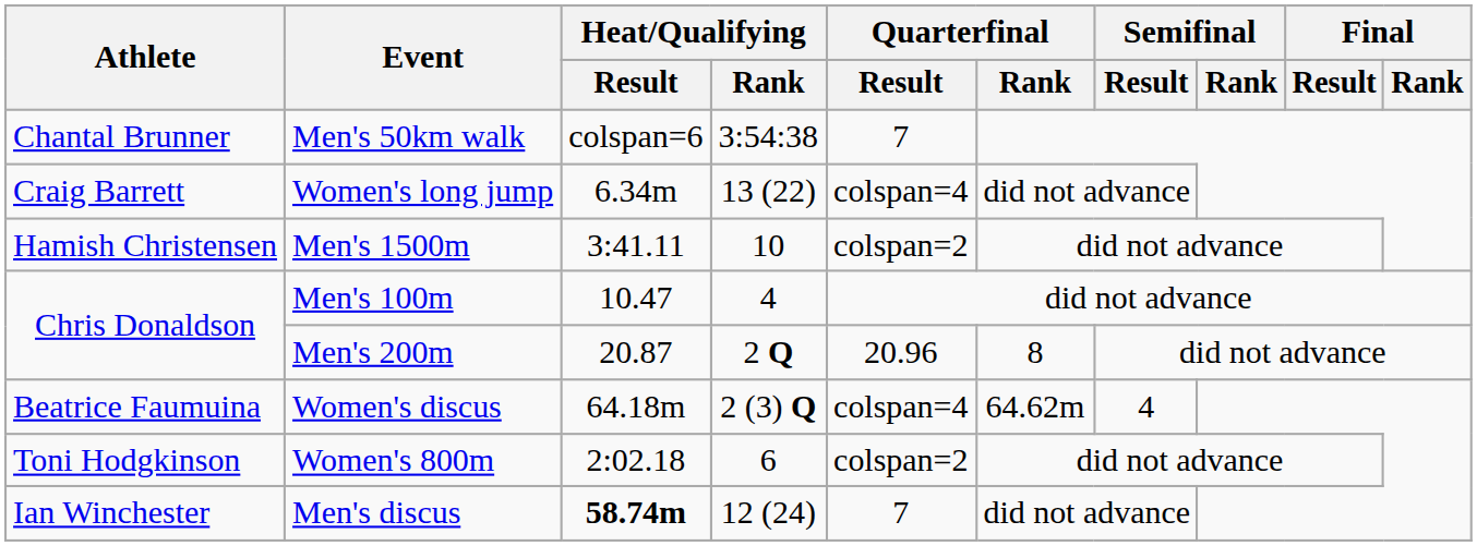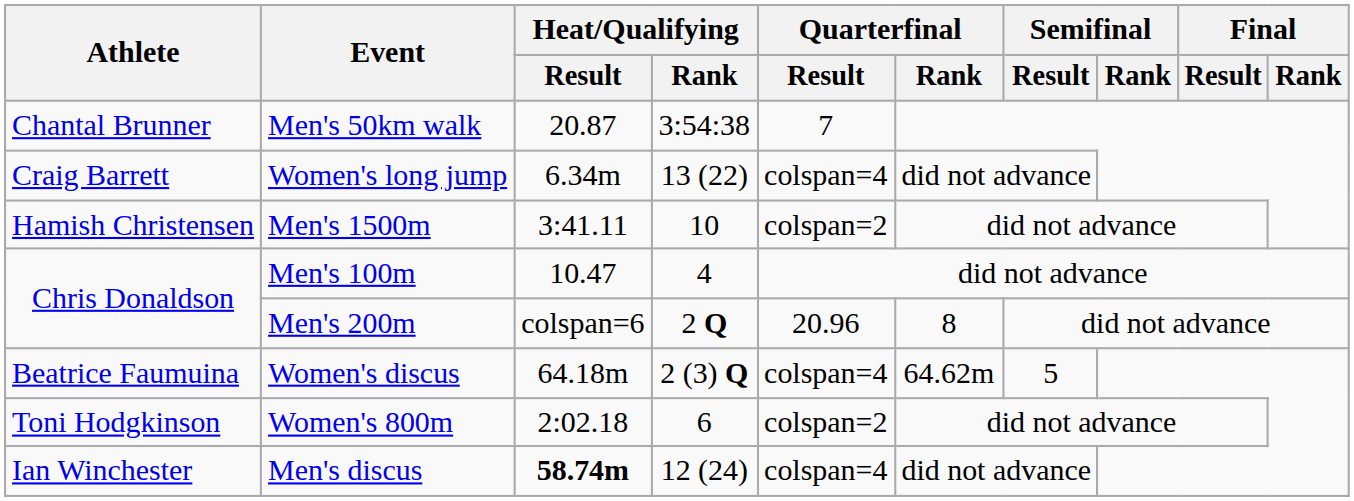 <table class=wikitable style=font-size:90%;text-align:center>
 <tr>
 <th rowspan=2>Athlete</th>
 <th rowspan=2>Event</th>
 <th colspan=2>Heat/Qualifying</th>
 <th colspan=2>Quarterfinal</th>
 <th colspan=2>Semifinal</th>
 <th colspan=2>Final</th>
 </tr>
 <tr style=font-size:95%>
 <th>Result</th>
 <th>Rank</th>
 <th>Result</th>
 <th>Rank</th>
 <th>Result</th>
 <th>Rank</th>
 <th>Result</th>
 <th>Rank</th>
 </tr>
 <tr>
 <td align=left><a href='#'>Chantal Brunner</a></td>
 <td align=left><a href='#'>Men's 50km walk</a></td>
-<td>colspan=6 </td>
+<td>20.87</td>
 <td>3:54:38</td>
 <td>7</td>
 </tr>
 <tr>
 <td align=left><a href='#'>Craig Barrett</a></td>
 <td align=left><a href='#'>Women's long jump</a></td>
 <td>6.34m</td>
 <td>13 (22)</td>
 <td>colspan=4 </td>
 <td colspan=2>did not advance</td>
 </tr>
 <tr>
 <td align=left><a href='#'>Hamish Christensen</a></td>
 <td align=left><a href='#'>Men's 1500m</a></td>
 <td>3:41.11</td>
 <td>10</td>
 <td>colspan=2 </td>
 <td colspan=4>did not advance</td>
 </tr>
 <tr>
 <td rowspan=2><a href='#'>Chris Donaldson</a></td>
 <td align=left><a href='#'>Men's 100m</a></td>
 <td>10.47</td>
 <td>4</td>
 <td colspan=6>did not advance</td>
 </tr>
 <tr>
 <td align=left><a href='#'>Men's 200m</a></td>
-<td>20.87</td>
+<td>colspan=6 </td>
 <td>2 <strong>Q</strong></td>
 <td>20.96</td>
 <td>8</td>
 <td colspan=4>did not advance</td>
 </tr>
 <tr>
 <td align=left><a href='#'>Beatrice Faumuina</a></td>
 <td align=left><a href='#'>Women's discus</a></td>
 <td>64.18m</td>
 <td>2 (3) <strong>Q</strong></td>
 <td>colspan=4 </td>
 <td>64.62m</td>
-<td>4</td>
+<td>5</td>
 </tr>
 <tr>
 <td align=left><a href='#'>Toni Hodgkinson</a></td>
 <td align=left><a href='#'>Women's 800m</a></td>
 <td>2:02.18</td>
 <td>6</td>
 <td>colspan=2 </td>
 <td colspan=4>did not advance</td>
 </tr>
 <tr>
 <td align=left><a href='#'>Ian Winchester</a></td>
 <td align=left><a href='#'>Men's discus</a></td>
 <td><strong>58.74m</strong></td>
 <td>12 (24)</td>
-<td>7</td>
+<td>colspan=4 </td>
 <td colspan=2>did not advance</td>
 </tr>
 </table>
